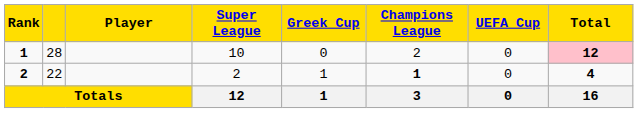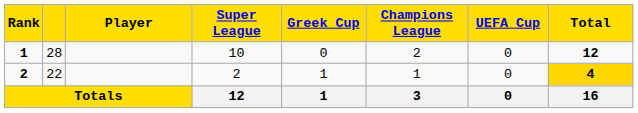 <table class="wikitable sortable" style="text-align:center">
 <tr>
 <th style="background:#FFDE00">Rank</th>
 <th style="background:#FFDE00"></th>
 <th width=200 style="background:#FFDE00">Player</th>
 <th width=120 style="background:#FFDE00"><a href='#'>Super League</a></th>
 <th width=120 style="background:#FFDE00"><a href='#'>Greek Cup</a></th>
 <th width=120 style="background:#FFDE00"><a href='#'>Champions League</a></th>
 <th width=120 style="background:#FFDE00"><a href='#'>UEFA Cup</a></th>
 <th width=120 style="background:#FFDE00">Total</th>
 </tr>
 <tr>
 <td><strong>1</strong></td>
 <td>28</td>
 <td align=left></td>
 <td>10</td>
 <td>0</td>
 <td>2</td>
 <td>0</td>
-<td style="background: pink;"><strong>12</strong></td>
+<td><strong>12</strong></td>
 </tr>
 <tr>
 <td><strong>2</strong></td>
 <td>22</td>
 <td align=left></td>
 <td>2</td>
 <td>1</td>
-<td><strong>1</strong></td>
+<td>1</td>
 <td>0</td>
-<td><strong>4</strong></td>
+<td style="background: gold;"><strong>4</strong></td>
 </tr>
 <tr class="sortbottom">
 <th colspan=3 style="background:#FFDE00"><strong>Totals</strong></th>
 <th><strong>12</strong></th>
 <th><strong> 1</strong></th>
 <th><strong> 3</strong></th>
 <th><strong> 0</strong></th>
 <th><strong>16</strong></th>
 </tr>
 </table>
